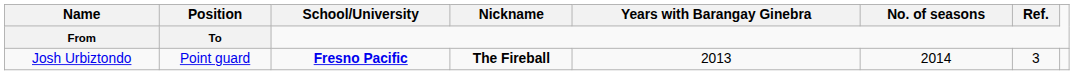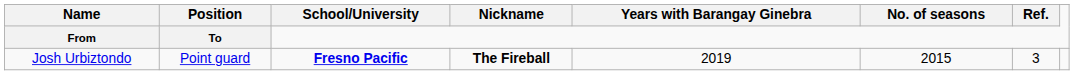 <table class="wikitable sortable" style="text-align:center" width="98%">
 <tr>
 <th>Name</th>
 <th>Position</th>
 <th>School/University</th>
 <th>Nickname</th>
 <th>Years with Barangay Ginebra</th>
 <th>No. of seasons</th>
 <th>Ref.</th>
 </tr>
 <tr>
 <th><small>From</small></th>
 <th><small>To</small></th>
 </tr>
 <tr>
 <td><a href='#'>Josh Urbiztondo</a></td>
 <td><a href='#'>Point guard</a></td>
 <td><strong><a href='#'>Fresno Pacific</a></strong></td>
 <td><strong>The Fireball</strong></td>
-<td>2013</td>
-<td>2014</td>
+<td>2019</td>
+<td>2015</td>
 <td>3</td>
 <td></td>
 </tr>
 </table>
